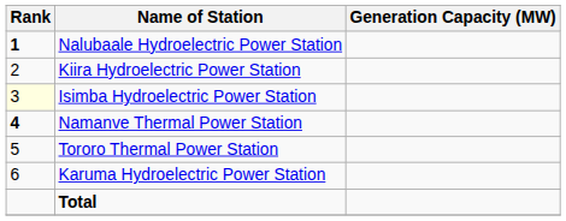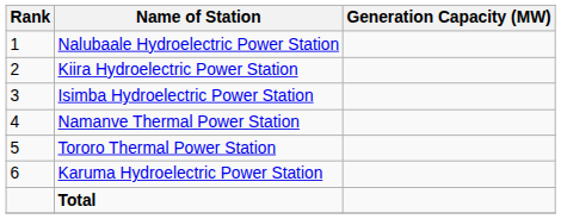 <table class="wikitable sortable" style="margin: 0.5em auto">
 <tr>
 <th>Rank</th>
 <th>Name of Station</th>
 <th>Generation Capacity (MW)</th>
 </tr>
 <tr>
-<td><strong>1</strong></td>
+<td>1</td>
 <td><a href='#'>Nalubaale Hydroelectric Power Station</a></td>
 <td></td>
 </tr>
 <tr>
 <td>2</td>
 <td><a href='#'>Kiira Hydroelectric Power Station</a></td>
 <td></td>
 </tr>
 <tr>
-<td style="background: lightyellow;">3</td>
+<td>3</td>
 <td><a href='#'>Isimba Hydroelectric Power Station</a></td>
 <td></td>
 </tr>
 <tr>
-<td><strong>4</strong></td>
+<td>4</td>
 <td><a href='#'>Namanve Thermal Power Station</a></td>
 <td></td>
 </tr>
 <tr>
 <td>5</td>
 <td><a href='#'>Tororo Thermal Power Station</a></td>
 <td></td>
 </tr>
 <tr>
 <td>6</td>
 <td><a href='#'>Karuma Hydroelectric Power Station</a></td>
 <td></td>
 </tr>
 <tr>
 <td></td>
 <td><strong>Total</strong></td>
 <td></td>
 </tr>
 <tr>
 </tr>
 </table>
